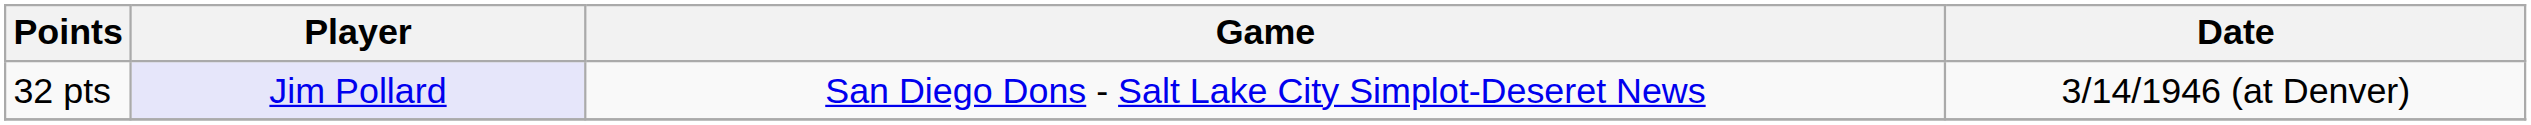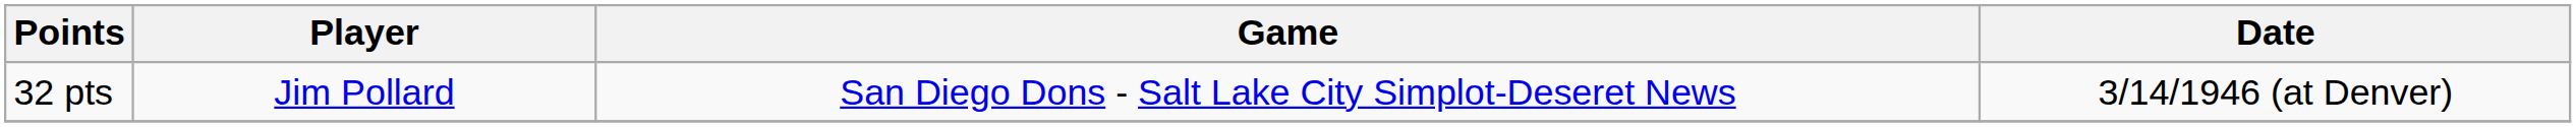 <table class="wikitable">
 <tr>
 <th width=5%>Points</th>
 <th width=18%>Player</th>
 <th width=54%>Game</th>
 <th width=23%>Date</th>
 </tr>
 <tr>
 <td>32 pts</td>
-<td align=center style="background: lavender;"><a href='#'>Jim Pollard</a></td>
+<td align=center><a href='#'>Jim Pollard</a></td>
 <td align=center><a href='#'>San Diego Dons</a> - <a href='#'>Salt Lake City Simplot-Deseret News</a></td>
 <td align=center>3/14/1946 (at Denver)</td>
 </tr>
 <tr>
 </tr>
 </table>
